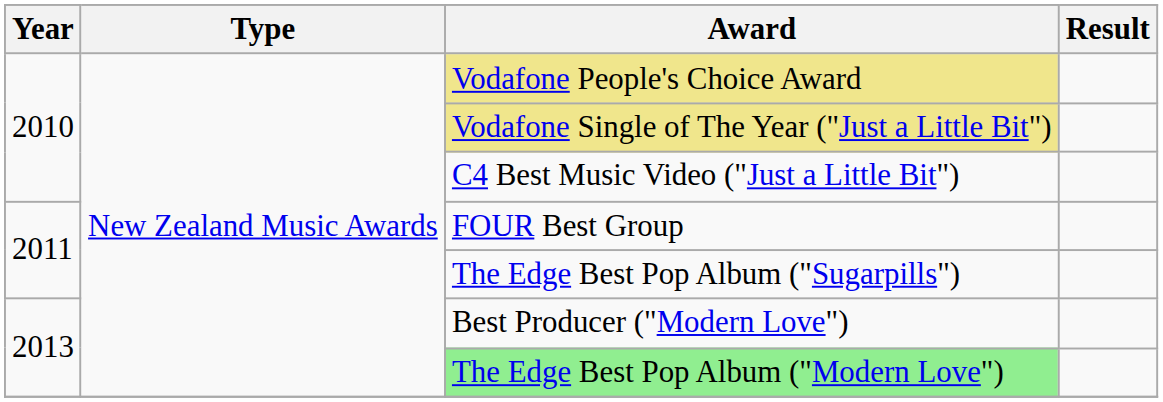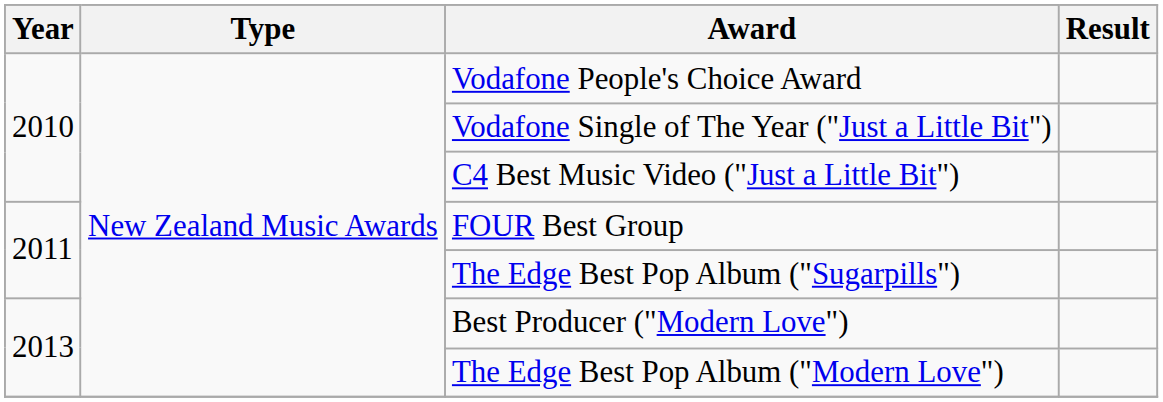 <table class="wikitable">
 <tr>
 <th>Year</th>
 <th>Type</th>
 <th>Award</th>
 <th>Result</th>
 </tr>
 <tr>
 <td rowspan="3">2010</td>
 <td rowspan="7"><a href='#'>New Zealand Music Awards</a></td>
-<td style="background: khaki;"><a href='#'>Vodafone</a> People's Choice Award</td>
+<td><a href='#'>Vodafone</a> People's Choice Award</td>
 <td></td>
 </tr>
 <tr>
-<td style="background: khaki;"><a href='#'>Vodafone</a> Single of The Year ("<a href='#'>Just a Little Bit</a>")</td>
+<td><a href='#'>Vodafone</a> Single of The Year ("<a href='#'>Just a Little Bit</a>")</td>
 <td></td>
 </tr>
 <tr>
 <td><a href='#'>C4</a> Best Music Video ("<a href='#'>Just a Little Bit</a>")</td>
 <td></td>
 </tr>
 <tr>
 <td rowspan="2">2011</td>
 <td><a href='#'>FOUR</a> Best Group</td>
 <td></td>
 </tr>
 <tr>
 <td><a href='#'>The Edge</a> Best Pop Album ("<a href='#'>Sugarpills</a>")</td>
 <td></td>
 </tr>
 <tr>
 <td rowspan="2">2013</td>
 <td>Best Producer ("<a href='#'>Modern Love</a>")</td>
 <td></td>
 </tr>
 <tr>
-<td style="background: lightgreen;"><a href='#'>The Edge</a> Best Pop Album ("<a href='#'>Modern Love</a>")</td>
+<td><a href='#'>The Edge</a> Best Pop Album ("<a href='#'>Modern Love</a>")</td>
 <td></td>
 </tr>
 <tr>
 </tr>
 </table>
